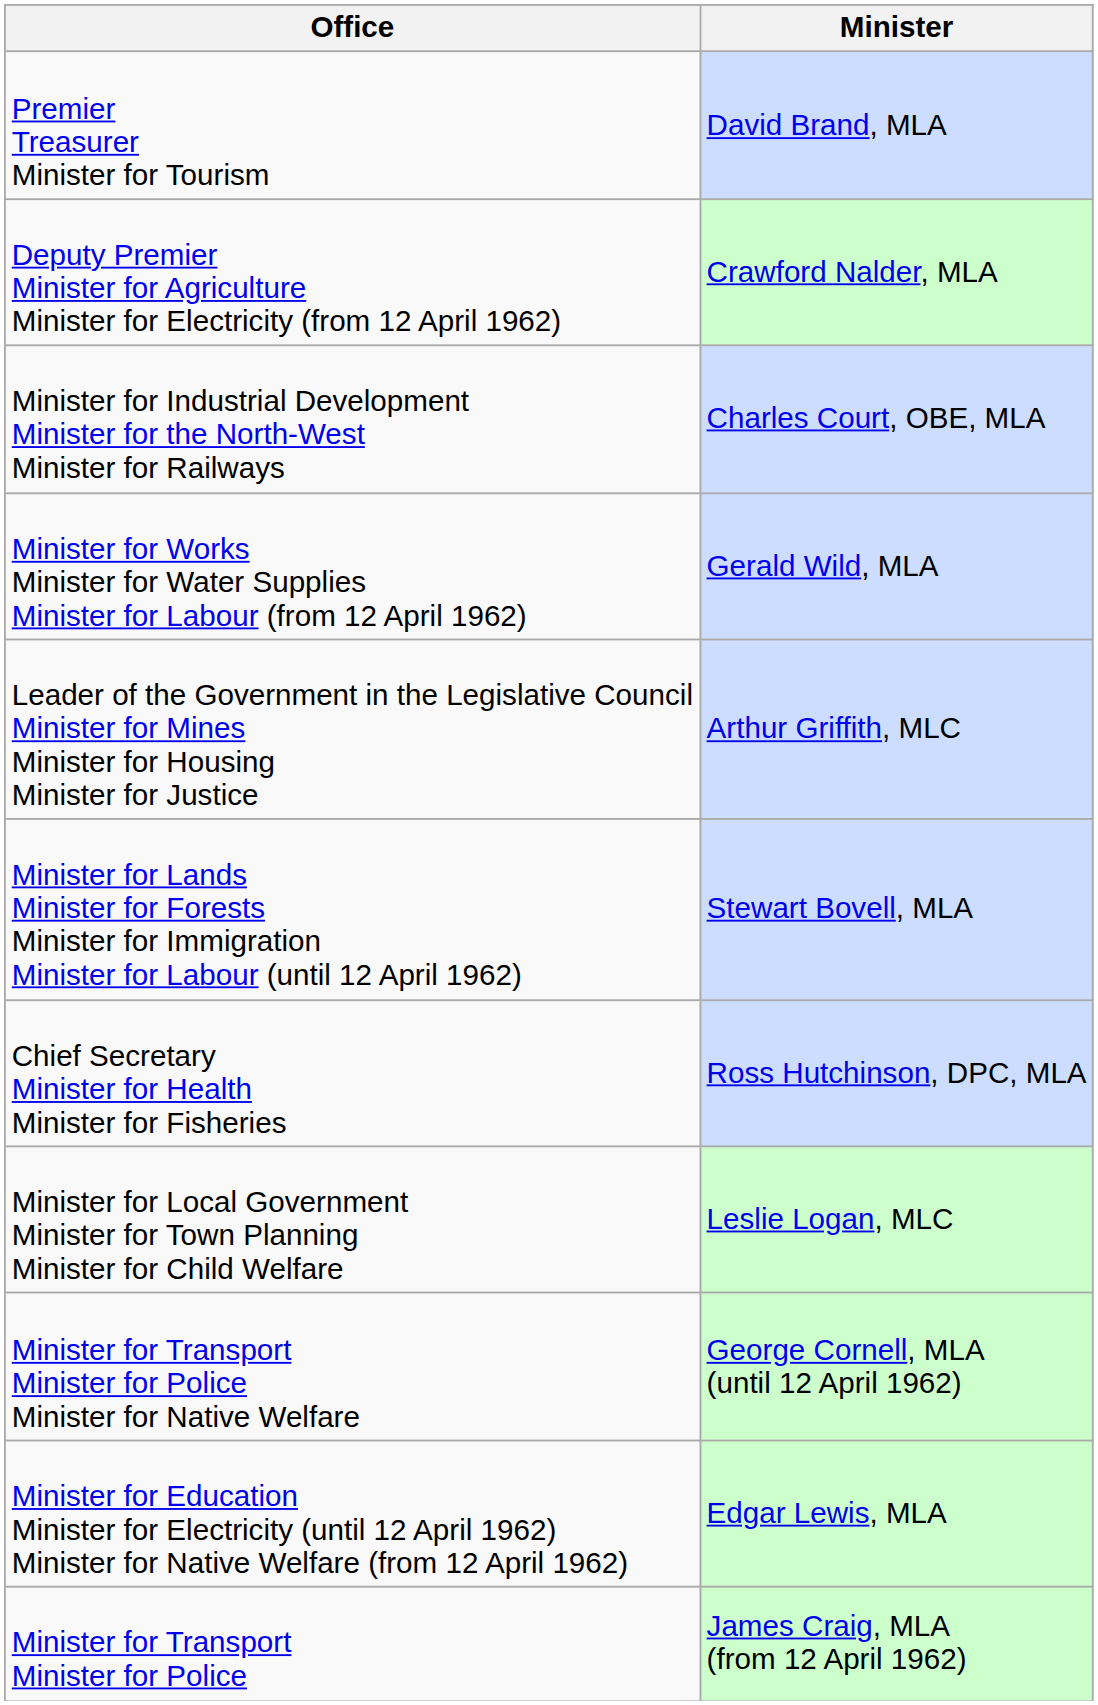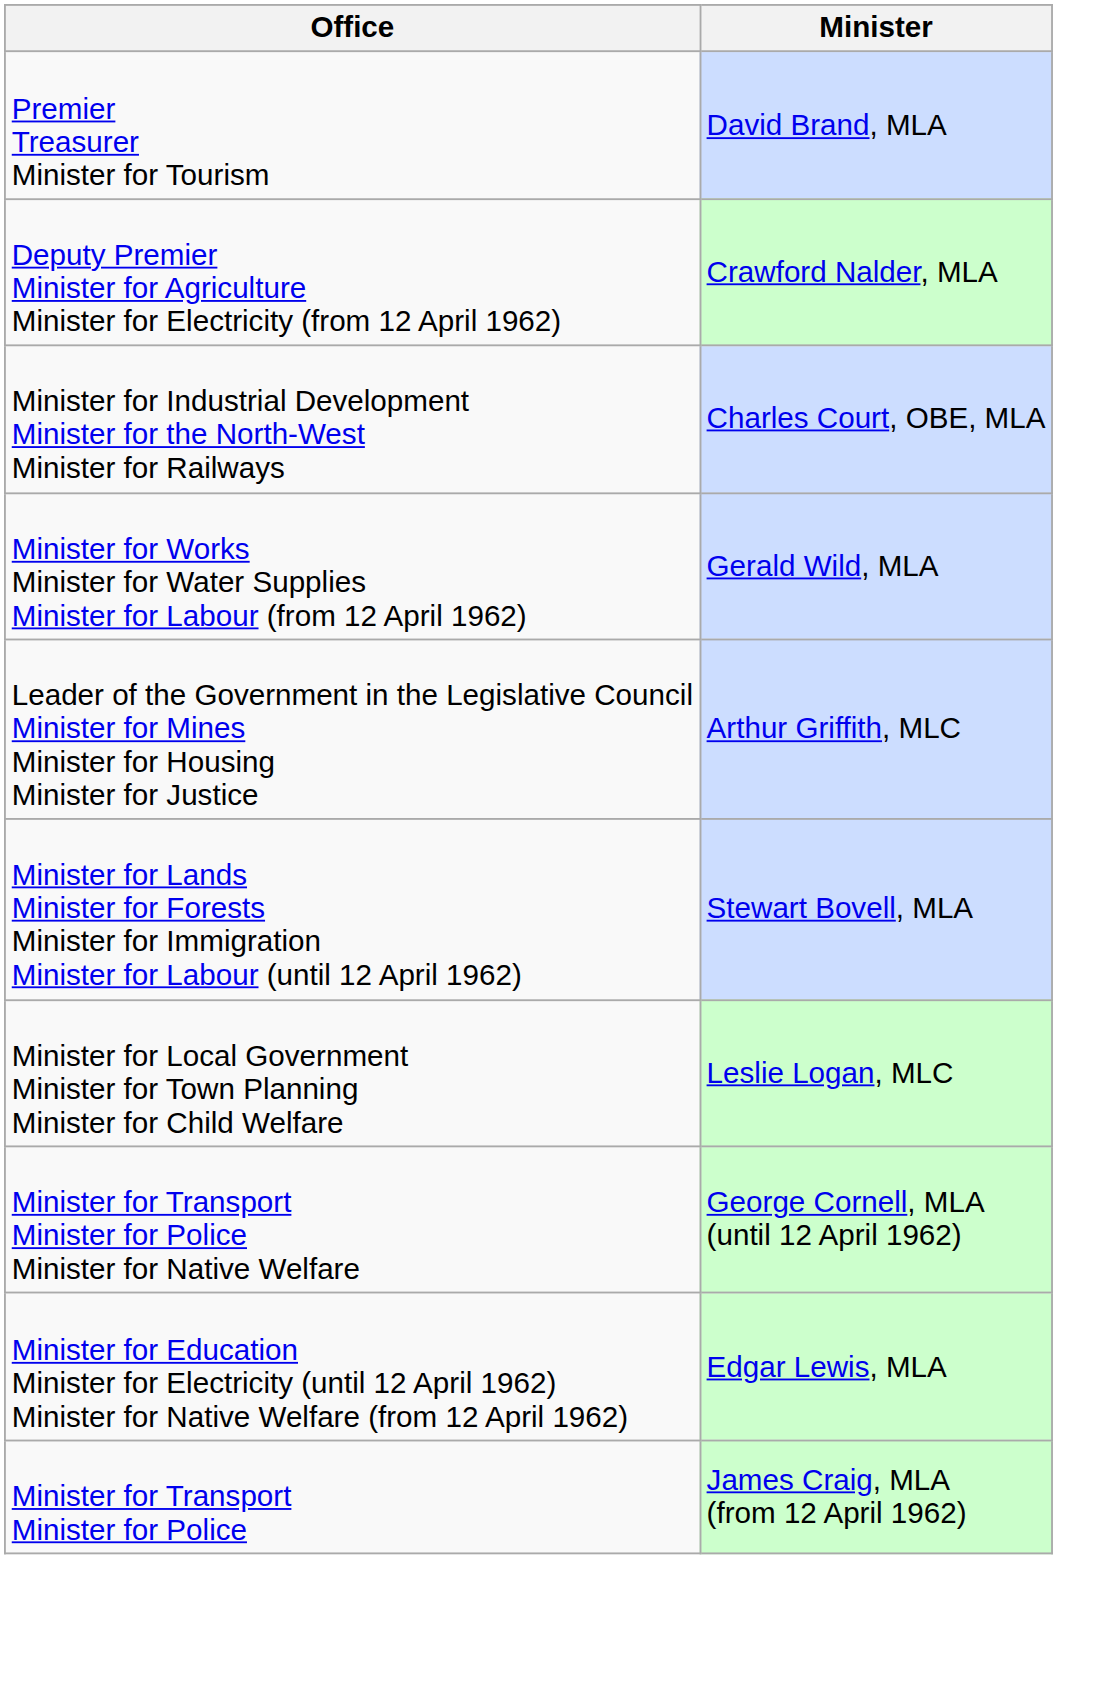 <table class="wikitable">
 <tr>
 <th>Office</th>
 <th>Minister</th>
 </tr>
 <tr>
 <td><br><a href='#'>Premier</a><br> <a href='#'>Treasurer</a><br> Minister for Tourism<br></td>
 <td style="background:#CCDDFF"><a href='#'>David Brand</a>, MLA</td>
 </tr>
 <tr>
 <td><br><a href='#'>Deputy Premier</a><br> <a href='#'>Minister for Agriculture</a><br> Minister for Electricity (from 12 April 1962)<br></td>
 <td style="background:#CCFFCC"><a href='#'>Crawford Nalder</a>, MLA</td>
 </tr>
 <tr>
 <td><br>Minister for Industrial Development<br> <a href='#'>Minister for the North-West</a><br> Minister for Railways<br></td>
 <td style="background:#CCDDFF"><a href='#'>Charles Court</a>, OBE, MLA</td>
 </tr>
 <tr>
 <td><br><a href='#'>Minister for Works</a><br> Minister for Water Supplies<br> <a href='#'>Minister for Labour</a> (from 12 April 1962)<br></td>
 <td style="background:#CCDDFF"><a href='#'>Gerald Wild</a>, MLA</td>
 </tr>
 <tr>
 <td><br>Leader of the Government in the Legislative Council<br> <a href='#'>Minister for Mines</a><br> Minister for Housing<br> Minister for Justice<br></td>
 <td style="background:#CCDDFF"><a href='#'>Arthur Griffith</a>, MLC</td>
 </tr>
 <tr>
 <td><br><a href='#'>Minister for Lands</a><br> <a href='#'>Minister for Forests</a><br> Minister for Immigration<br> <a href='#'>Minister for Labour</a> (until 12 April 1962)<br></td>
 <td style="background:#CCDDFF"><a href='#'>Stewart Bovell</a>, MLA</td>
 </tr>
 <tr>
-<td><br>Chief Secretary<br> <a href='#'>Minister for Health</a><br> Minister for Fisheries<br></td>
-<td style="background:#CCDDFF"><a href='#'>Ross Hutchinson</a>, DPC, MLA</td>
-</tr>
-<tr>
 <td><br>Minister for Local Government<br> Minister for Town Planning<br> Minister for Child Welfare<br></td>
 <td style="background:#CCFFCC"><a href='#'>Leslie Logan</a>, MLC</td>
 </tr>
 <tr>
 <td><br><a href='#'>Minister for Transport</a><br> <a href='#'>Minister for Police</a><br> Minister for Native Welfare<br></td>
 <td style="background:#CCFFCC"><a href='#'>George Cornell</a>, MLA<br>(until 12 April 1962)</td>
 </tr>
 <tr>
 <td><br><a href='#'>Minister for Education</a><br> Minister for Electricity (until 12 April 1962)<br> Minister for Native Welfare (from 12 April 1962)<br></td>
 <td style="background:#CCFFCC"><a href='#'>Edgar Lewis</a>, MLA</td>
 </tr>
 <tr>
 <td><br><a href='#'>Minister for Transport</a><br> <a href='#'>Minister for Police</a><br></td>
 <td style="background:#CCFFCC"><a href='#'>James Craig</a>, MLA<br>(from 12 April 1962)</td>
 </tr>
 </table>
